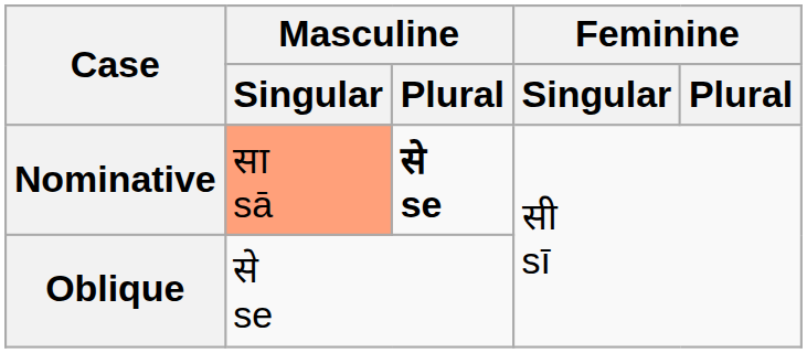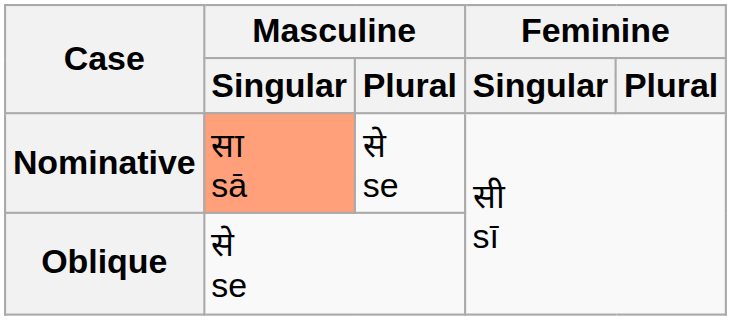 <table class="wikitable">
 <tr>
 <th rowspan="2">Case</th>
 <th colspan="2">Masculine</th>
 <th colspan="2">Feminine</th>
 </tr>
 <tr>
 <th>Singular</th>
 <th>Plural</th>
 <th>Singular</th>
 <th>Plural</th>
 </tr>
 <tr>
 <th>Nominative</th>
 <td style="background: lightsalmon;">सा<br>sā</td>
-<td><strong>से<br>se</strong></td>
+<td>से<br>se</td>
 <td colspan="2" rowspan="2">सी<br>sī</td>
 </tr>
 <tr>
 <th>Oblique</th>
 <td colspan="2">से<br>se</td>
 </tr>
 </table>
